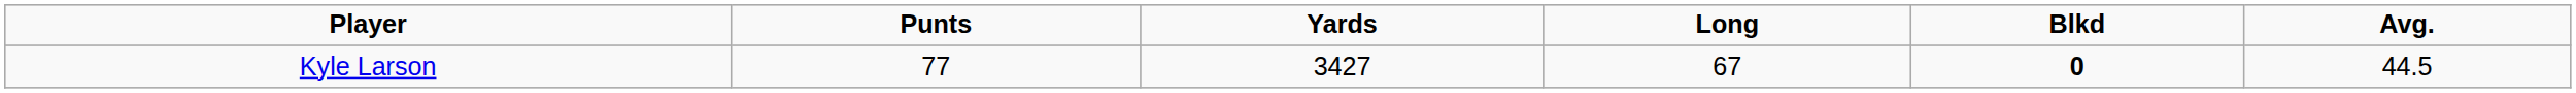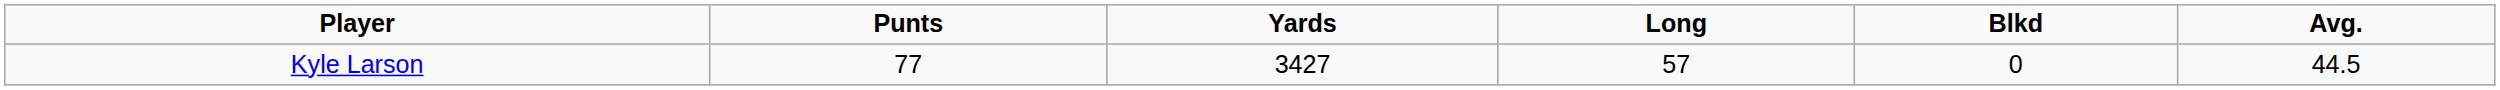 <table class="wikitable" style="width:80%;">
 <tr align="center">
 <td><strong>Player</strong></td>
 <td><strong>Punts</strong></td>
 <td><strong>Yards</strong></td>
 <td><strong>Long</strong></td>
 <td><strong>Blkd</strong></td>
 <td><strong>Avg.</strong></td>
 </tr>
 <tr style="text-align:center;" bgcolor="">
 <td><a href='#'>Kyle Larson</a></td>
 <td>77</td>
 <td>3427</td>
-<td>67</td>
-<td><strong>0</strong></td>
+<td>57</td>
+<td>0</td>
 <td>44.5</td>
 </tr>
 </table>
